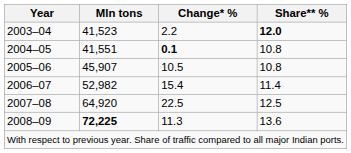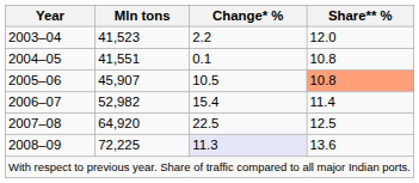 <table class="wikitable">
 <tr>
 <th>Year</th>
 <th>Mln tons</th>
 <th>Change* %</th>
 <th>Share** %</th>
 </tr>
 <tr>
 <td>2003–04</td>
 <td>41,523</td>
 <td>2.2</td>
-<td><strong>12.0</strong></td>
+<td>12.0</td>
 </tr>
 <tr>
 <td>2004–05</td>
 <td>41,551</td>
-<td><strong>0.1</strong></td>
+<td>0.1</td>
 <td>10.8</td>
 </tr>
 <tr>
 <td>2005–06</td>
 <td>45,907</td>
 <td>10.5</td>
-<td>10.8</td>
+<td style="background: lightsalmon;">10.8</td>
 </tr>
 <tr>
 <td>2006–07</td>
 <td>52,982</td>
 <td>15.4</td>
 <td>11.4</td>
 </tr>
 <tr>
 <td>2007–08</td>
 <td>64,920</td>
 <td>22.5</td>
 <td>12.5</td>
 </tr>
 <tr>
 <td>2008–09</td>
-<td><strong>72,225</strong></td>
-<td>11.3</td>
+<td>72,225</td>
+<td style="background: lavender;">11.3</td>
 <td>13.6</td>
 </tr>
 <tr>
 <td colspan="4"><small> With respect to previous year.</small><small> Share of traffic compared to all major Indian ports.</small></td>
 </tr>
 </table>
